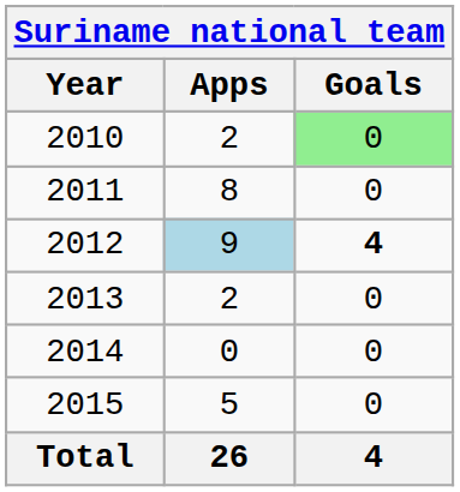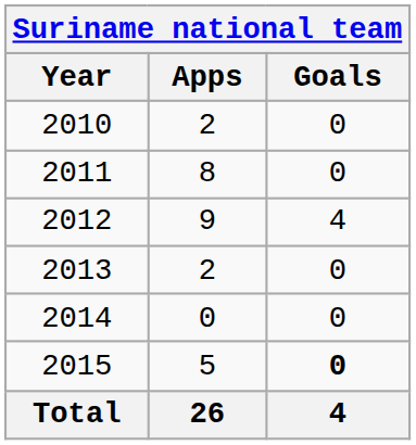 <table class="wikitable" style="text-align:center">
 <tr>
 <th colspan=3><a href='#'>Suriname national team</a></th>
 </tr>
 <tr>
 <th>Year</th>
 <th>Apps</th>
 <th>Goals</th>
 </tr>
 <tr>
 <td>2010</td>
 <td>2</td>
-<td style="background: lightgreen;">0</td>
+<td>0</td>
 </tr>
 <tr>
 <td>2011</td>
 <td>8</td>
 <td>0</td>
 </tr>
 <tr>
 <td>2012</td>
-<td style="background: lightblue;">9</td>
-<td><strong>4</strong></td>
+<td>9</td>
+<td>4</td>
 </tr>
 <tr>
 <td>2013</td>
 <td>2</td>
 <td>0</td>
 </tr>
 <tr>
 <td>2014</td>
 <td>0</td>
 <td>0</td>
 </tr>
 <tr>
 <td>2015</td>
 <td>5</td>
-<td>0</td>
+<td><strong>0</strong></td>
 </tr>
 <tr>
 <th>Total</th>
 <th>26</th>
 <th>4</th>
 </tr>
 </table>
